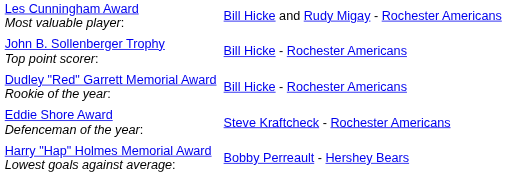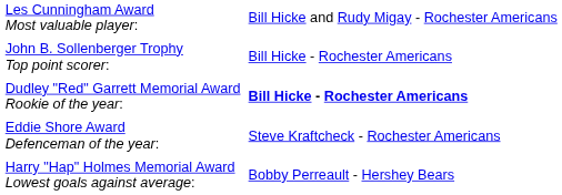 <table cellpadding="3" cellspacing="3">
 <tr>
 <td><a href='#'>Les Cunningham Award</a><br><em>Most valuable player</em>:</td>
 <td><a href='#'>Bill Hicke</a> and <a href='#'>Rudy Migay</a> - <a href='#'>Rochester Americans</a></td>
 </tr>
 <tr>
 <td><a href='#'>John B. Sollenberger Trophy</a><br><em>Top point scorer</em>:</td>
 <td><a href='#'>Bill Hicke</a> - <a href='#'>Rochester Americans</a></td>
 </tr>
 <tr>
 <td><a href='#'>Dudley "Red" Garrett Memorial Award</a><br><em>Rookie of the year</em>:</td>
-<td><a href='#'>Bill Hicke</a> - <a href='#'>Rochester Americans</a></td>
+<td><strong><a href='#'>Bill Hicke</a> - <a href='#'>Rochester Americans</a></strong></td>
 </tr>
 <tr>
 <td><a href='#'>Eddie Shore Award</a><br><em>Defenceman of the year</em>:</td>
 <td><a href='#'>Steve Kraftcheck</a> - <a href='#'>Rochester Americans</a></td>
 </tr>
 <tr>
 <td><a href='#'>Harry "Hap" Holmes Memorial Award</a><br><em>Lowest goals against average</em>:</td>
 <td><a href='#'>Bobby Perreault</a> - <a href='#'>Hershey Bears</a></td>
 </tr>
 </table>
